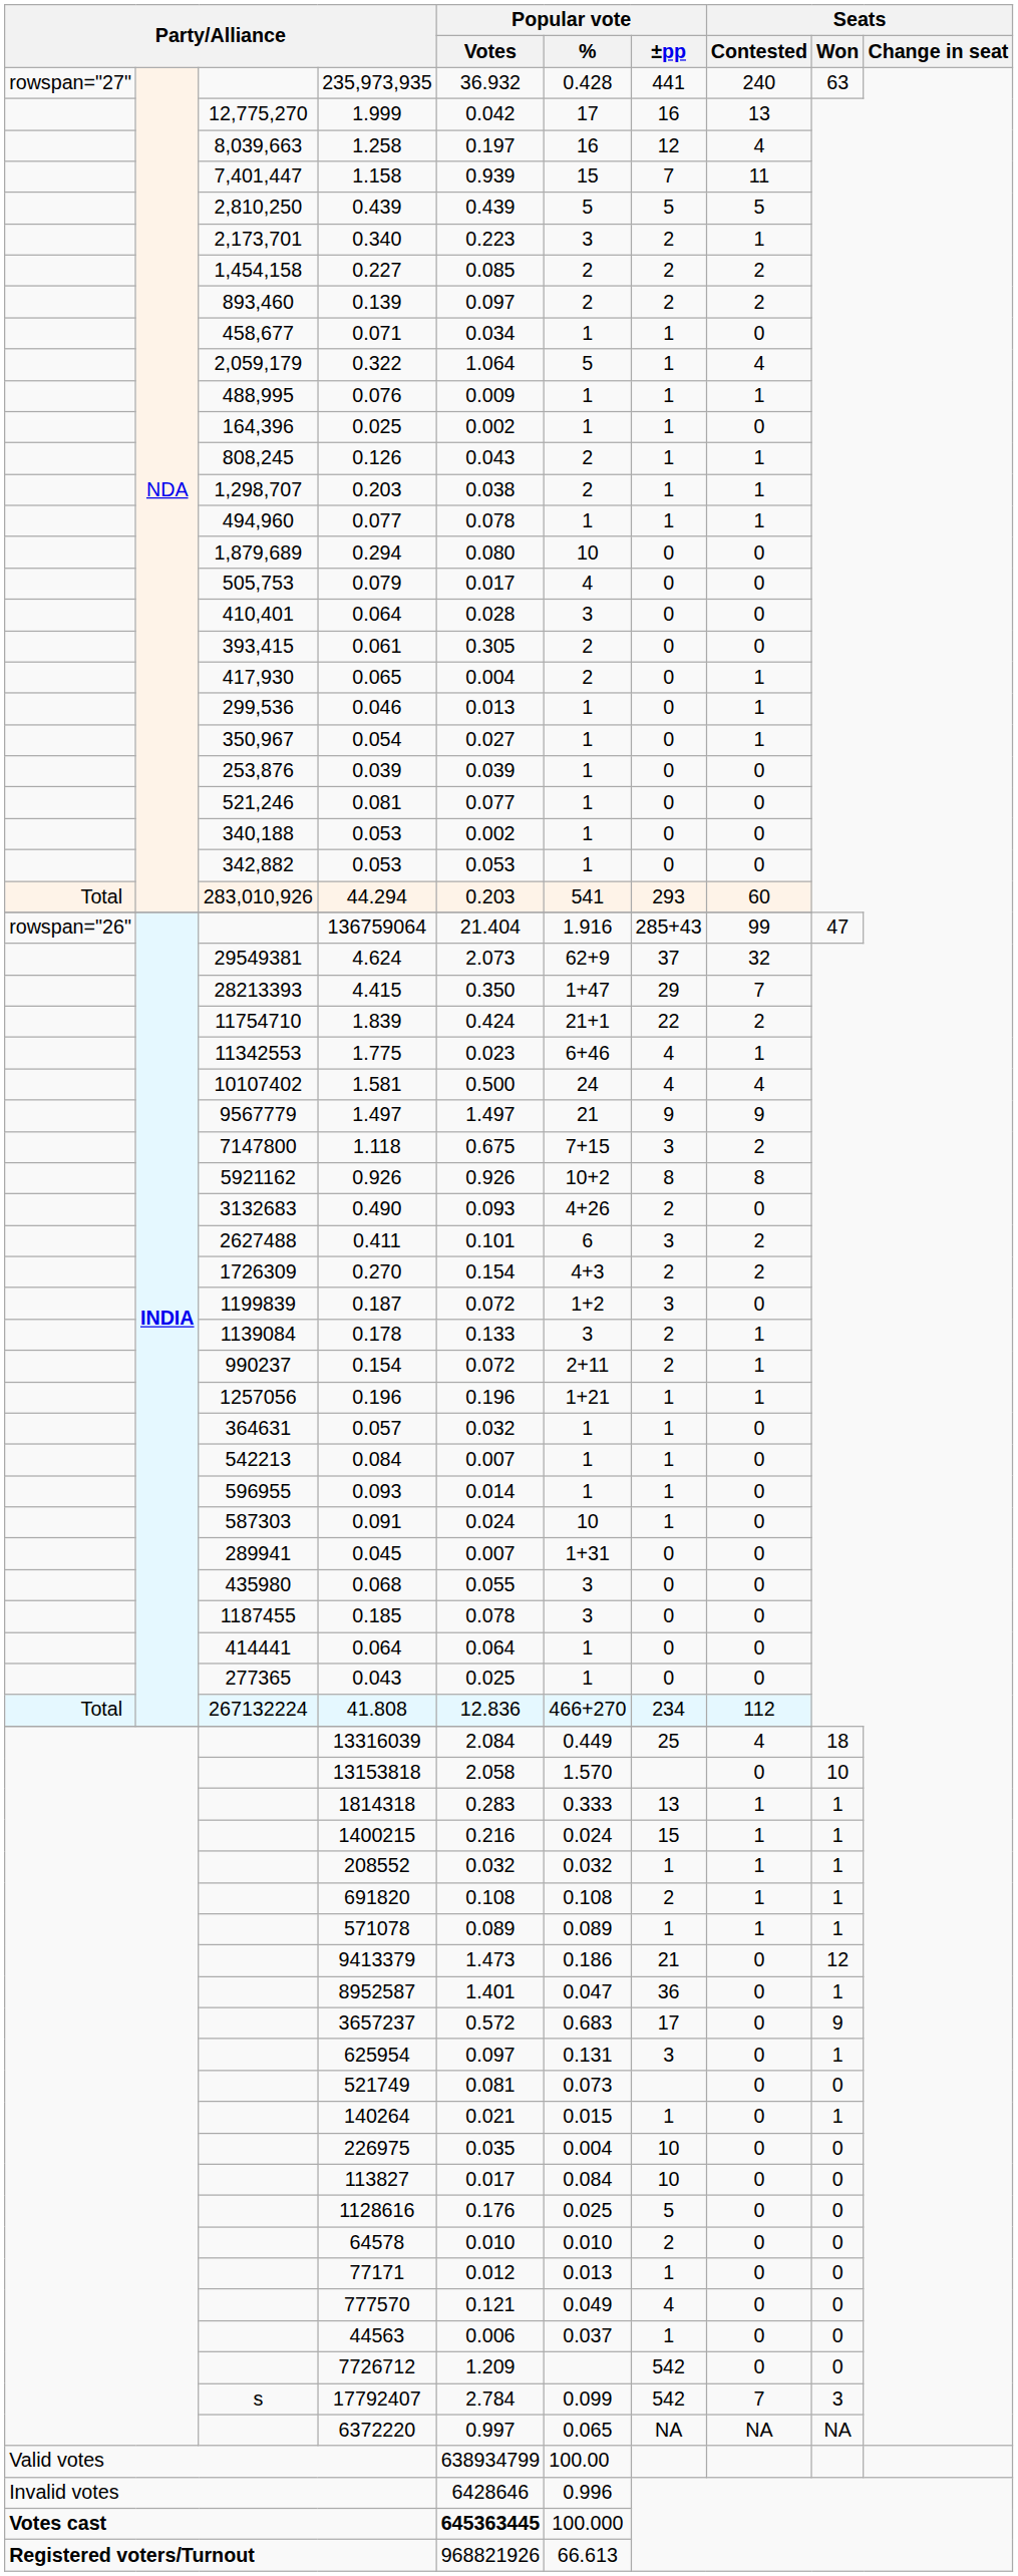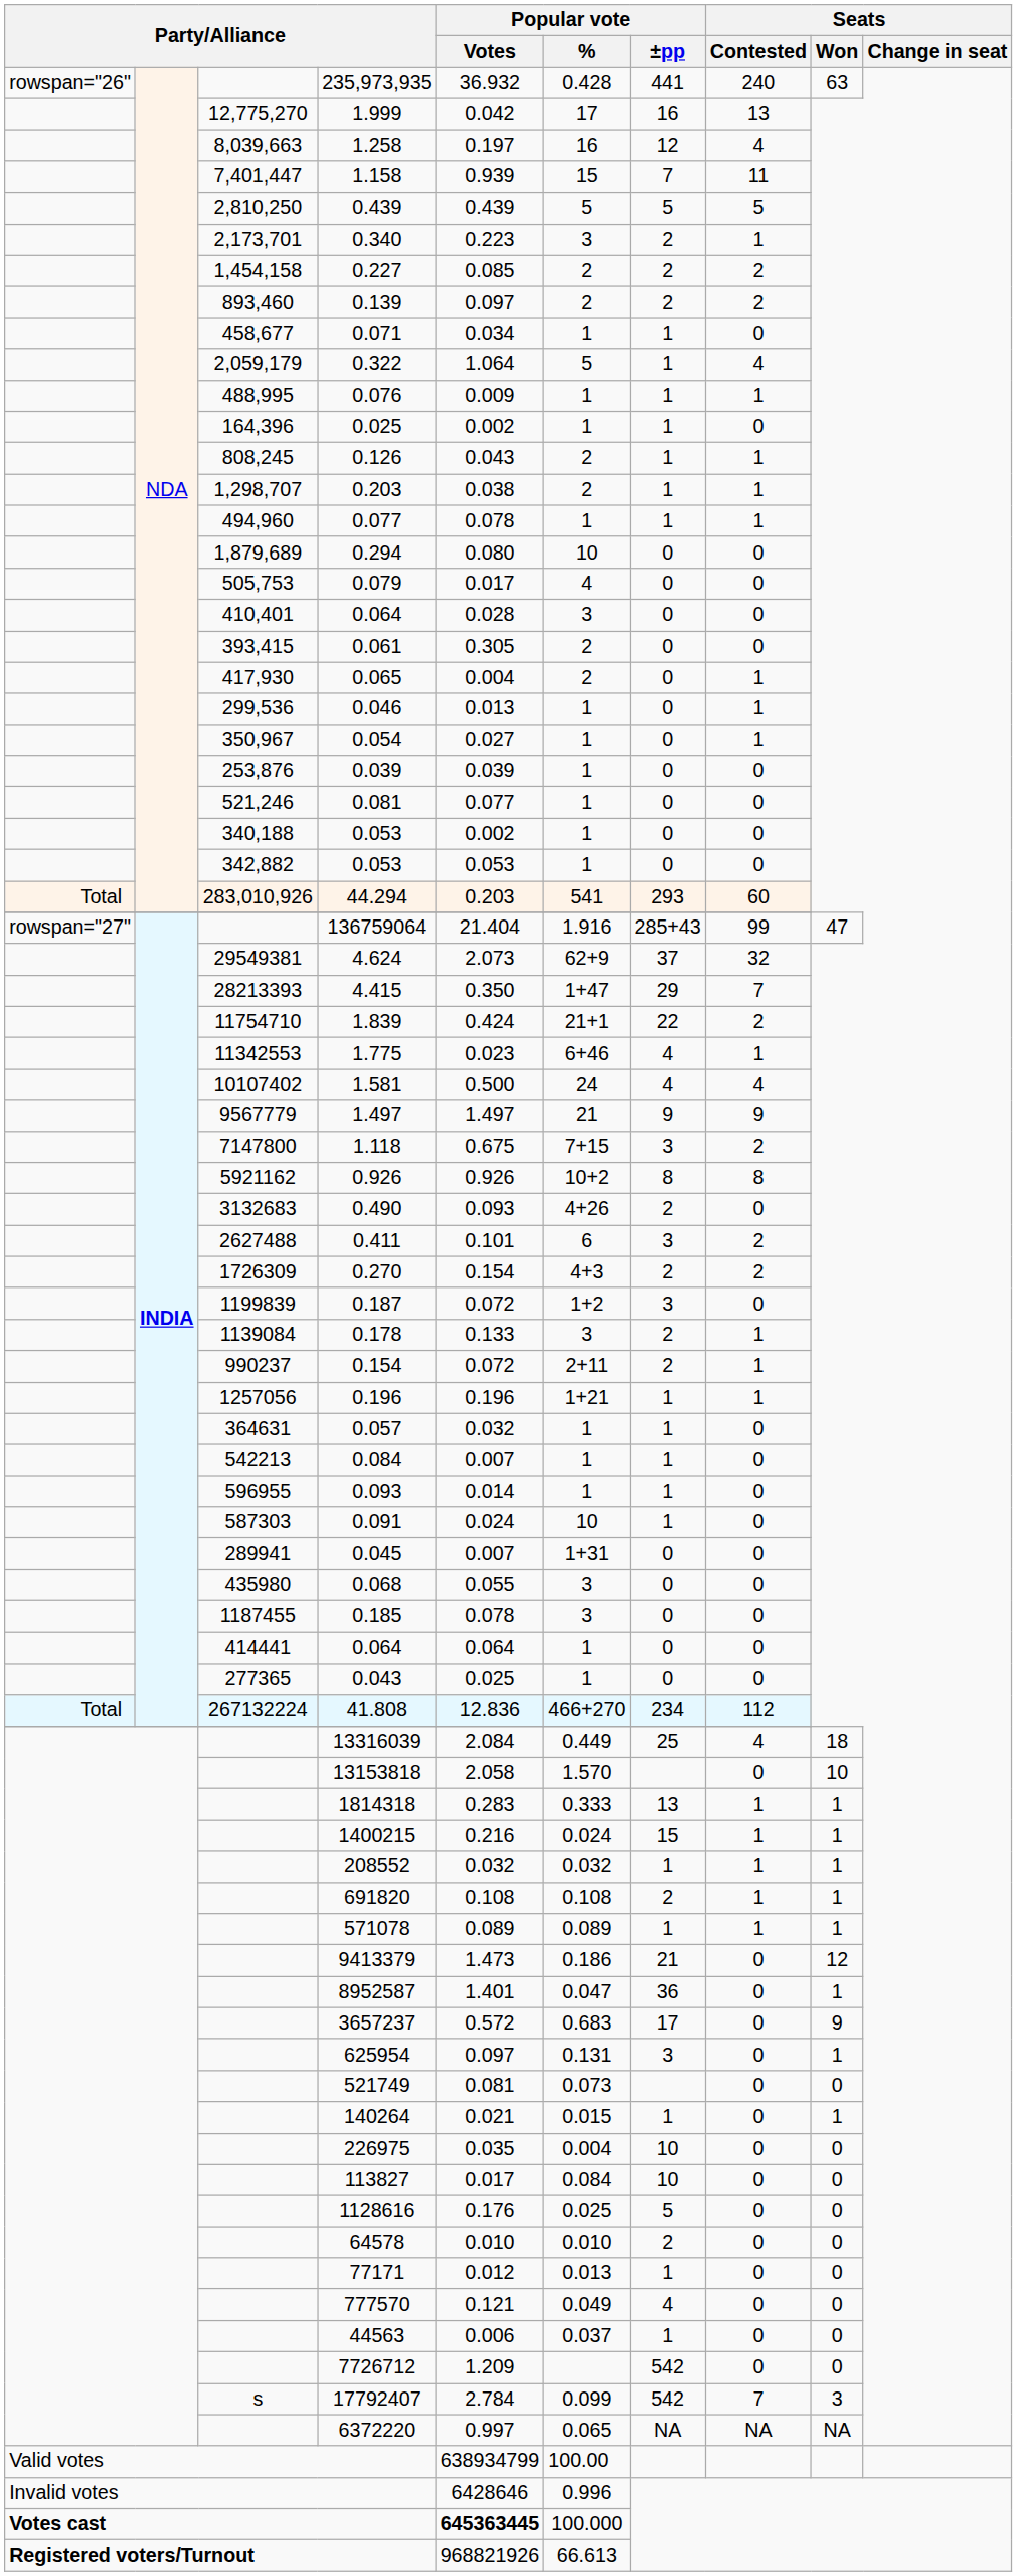 <table class="wikitable sortable" style="text-align:center;">
 <tr>
 <th colspan="4" rowspan="2">Party/Alliance</th>
 <th colspan="3">Popular vote</th>
 <th colspan="3">Seats</th>
 </tr>
 <tr>
 <th>Votes</th>
 <th>%</th>
 <th>±<a href='#'>pp</a></th>
 <th>Contested</th>
 <th>Won</th>
 <th>Change in seat</th>
 </tr>
 <tr>
-<td>rowspan="27" </td>
+<td>rowspan="26" </td>
 <td rowspan="27" style="background:#FEF3E8"><a href='#'>NDA</a></td>
 <td></td>
 <td>235,973,935</td>
 <td>36.932</td>
 <td>0.428</td>
 <td>441</td>
 <td>240</td>
 <td>63</td>
 </tr>
 <tr>
 <td></td>
 <td>12,775,270</td>
 <td>1.999</td>
 <td>0.042</td>
 <td>17</td>
 <td>16</td>
 <td>13</td>
 </tr>
 <tr>
 <td></td>
 <td>8,039,663</td>
 <td>1.258</td>
 <td>0.197</td>
 <td>16</td>
 <td>12</td>
 <td>4</td>
 </tr>
 <tr>
 <td></td>
 <td>7,401,447</td>
 <td>1.158</td>
 <td>0.939</td>
 <td>15</td>
 <td>7</td>
 <td>11</td>
 </tr>
 <tr>
 <td></td>
 <td>2,810,250</td>
 <td>0.439</td>
 <td>0.439</td>
 <td>5</td>
 <td>5</td>
 <td>5</td>
 </tr>
 <tr>
 <td></td>
 <td>2,173,701</td>
 <td>0.340</td>
 <td>0.223</td>
 <td>3</td>
 <td>2</td>
 <td>1</td>
 </tr>
 <tr>
 <td></td>
 <td>1,454,158</td>
 <td>0.227</td>
 <td>0.085</td>
 <td>2</td>
 <td>2</td>
 <td>2</td>
 </tr>
 <tr>
 <td></td>
 <td>893,460</td>
 <td>0.139</td>
 <td>0.097</td>
 <td>2</td>
 <td>2</td>
 <td>2</td>
 </tr>
 <tr>
 <td></td>
 <td>458,677</td>
 <td>0.071</td>
 <td>0.034</td>
 <td>1</td>
 <td>1</td>
 <td>0</td>
 </tr>
 <tr>
 <td></td>
 <td>2,059,179</td>
 <td>0.322</td>
 <td>1.064</td>
 <td>5</td>
 <td>1</td>
 <td>4</td>
 </tr>
 <tr>
 <td></td>
 <td>488,995</td>
 <td>0.076</td>
 <td>0.009</td>
 <td>1</td>
 <td>1</td>
 <td>1</td>
 </tr>
 <tr>
 <td></td>
 <td>164,396</td>
 <td>0.025</td>
 <td>0.002</td>
 <td>1</td>
 <td>1</td>
 <td>0</td>
 </tr>
 <tr>
 <td></td>
 <td>808,245</td>
 <td>0.126</td>
 <td>0.043</td>
 <td>2</td>
 <td>1</td>
 <td>1</td>
 </tr>
 <tr>
 <td></td>
 <td>1,298,707</td>
 <td>0.203</td>
 <td>0.038</td>
 <td>2</td>
 <td>1</td>
 <td>1</td>
 </tr>
 <tr>
 <td></td>
 <td>494,960</td>
 <td>0.077</td>
 <td>0.078</td>
 <td>1</td>
 <td>1</td>
 <td>1</td>
 </tr>
 <tr>
 <td></td>
 <td>1,879,689</td>
 <td>0.294</td>
 <td>0.080</td>
 <td>10</td>
 <td>0</td>
 <td>0</td>
 </tr>
 <tr>
 <td></td>
 <td>505,753</td>
 <td>0.079</td>
 <td>0.017</td>
 <td>4</td>
 <td>0</td>
 <td>0</td>
 </tr>
 <tr>
 <td></td>
 <td>410,401</td>
 <td>0.064</td>
 <td>0.028</td>
 <td>3</td>
 <td>0</td>
 <td>0</td>
 </tr>
 <tr>
 <td></td>
 <td>393,415</td>
 <td>0.061</td>
 <td>0.305</td>
 <td>2</td>
 <td>0</td>
 <td>0</td>
 </tr>
 <tr>
 <td></td>
 <td>417,930</td>
 <td>0.065</td>
 <td>0.004</td>
 <td>2</td>
 <td>0</td>
 <td>1</td>
 </tr>
 <tr>
 <td></td>
 <td>299,536</td>
 <td>0.046</td>
 <td>0.013</td>
 <td>1</td>
 <td>0</td>
 <td>1</td>
 </tr>
 <tr>
 <td></td>
 <td>350,967</td>
 <td>0.054</td>
 <td>0.027</td>
 <td>1</td>
 <td>0</td>
 <td>1</td>
 </tr>
 <tr>
 <td></td>
 <td>253,876</td>
 <td>0.039</td>
 <td>0.039</td>
 <td>1</td>
 <td>0</td>
 <td>0</td>
 </tr>
 <tr>
 <td></td>
 <td>521,246</td>
 <td>0.081</td>
 <td>0.077</td>
 <td>1</td>
 <td>0</td>
 <td>0</td>
 </tr>
 <tr>
 <td></td>
 <td>340,188</td>
 <td>0.053</td>
 <td>0.002</td>
 <td>1</td>
 <td>0</td>
 <td>0</td>
 </tr>
 <tr>
 <td></td>
 <td>342,882</td>
 <td>0.053</td>
 <td>0.053</td>
 <td>1</td>
 <td>0</td>
 <td>0</td>
 </tr>
 <tr>
 <td colspan="2" style="background:#FEF3E8">Total</td>
 <td style="background:#FEF3E8">283,010,926</td>
 <td style="background:#FEF3E8">44.294</td>
 <td style="background:#FEF3E8">0.203</td>
 <td style="background:#FEF3E8">541</td>
 <td style="background:#FEF3E8">293</td>
 <td style="background:#FEF3E8">60</td>
 </tr>
 <tr>
 </tr>
 <tr>
-<td>rowspan="26" </td>
+<td>rowspan="27" </td>
 <th rowspan="26" style="background:#E5F8FF"><a href='#'>INDIA</a></th>
 <td></td>
 <td>136759064</td>
 <td>21.404</td>
 <td>1.916</td>
 <td>285+43</td>
 <td>99</td>
 <td>47</td>
 </tr>
 <tr>
 <td></td>
 <td>29549381</td>
 <td>4.624</td>
 <td>2.073</td>
 <td>62+9</td>
 <td>37</td>
 <td>32</td>
 </tr>
 <tr>
 <td></td>
 <td>28213393</td>
 <td>4.415</td>
 <td>0.350</td>
 <td>1+47</td>
 <td>29</td>
 <td>7</td>
 </tr>
 <tr>
 <td></td>
 <td>11754710</td>
 <td>1.839</td>
 <td>0.424</td>
 <td>21+1</td>
 <td>22</td>
 <td>2</td>
 </tr>
 <tr>
 <td></td>
 <td>11342553</td>
 <td>1.775</td>
 <td>0.023</td>
 <td>6+46</td>
 <td>4</td>
 <td>1</td>
 </tr>
 <tr>
 <td></td>
 <td>10107402</td>
 <td>1.581</td>
 <td>0.500</td>
 <td>24</td>
 <td>4</td>
 <td>4</td>
 </tr>
 <tr>
 <td></td>
 <td>9567779</td>
 <td>1.497</td>
 <td>1.497</td>
 <td>21</td>
 <td>9</td>
 <td>9</td>
 </tr>
 <tr>
 <td></td>
 <td>7147800</td>
 <td>1.118</td>
 <td>0.675</td>
 <td>7+15</td>
 <td>3</td>
 <td>2</td>
 </tr>
 <tr>
 <td></td>
 <td>5921162</td>
 <td>0.926</td>
 <td>0.926</td>
 <td>10+2</td>
 <td>8</td>
 <td>8</td>
 </tr>
 <tr>
 <td></td>
 <td>3132683</td>
 <td>0.490</td>
 <td>0.093</td>
 <td>4+26</td>
 <td>2</td>
 <td>0</td>
 </tr>
 <tr>
 <td></td>
 <td>2627488</td>
 <td>0.411</td>
 <td>0.101</td>
 <td>6</td>
 <td>3</td>
 <td>2</td>
 </tr>
 <tr>
 <td></td>
 <td>1726309</td>
 <td>0.270</td>
 <td>0.154</td>
 <td>4+3</td>
 <td>2</td>
 <td>2</td>
 </tr>
 <tr>
 <td></td>
 <td>1199839</td>
 <td>0.187</td>
 <td>0.072</td>
 <td>1+2</td>
 <td>3</td>
 <td>0</td>
 </tr>
 <tr>
 <td></td>
 <td>1139084</td>
 <td>0.178</td>
 <td>0.133</td>
 <td>3</td>
 <td>2</td>
 <td>1</td>
 </tr>
 <tr>
 <td></td>
 <td>990237</td>
 <td>0.154</td>
 <td>0.072</td>
 <td>2+11</td>
 <td>2</td>
 <td>1</td>
 </tr>
 <tr>
 <td></td>
 <td>1257056</td>
 <td>0.196</td>
 <td>0.196</td>
 <td>1+21</td>
 <td>1</td>
 <td>1</td>
 </tr>
 <tr>
 <td></td>
 <td>364631</td>
 <td>0.057</td>
 <td>0.032</td>
 <td>1</td>
 <td>1</td>
 <td>0</td>
 </tr>
 <tr>
 <td></td>
 <td>542213</td>
 <td>0.084</td>
 <td>0.007</td>
 <td>1</td>
 <td>1</td>
 <td>0</td>
 </tr>
 <tr>
 <td></td>
 <td>596955</td>
 <td>0.093</td>
 <td>0.014</td>
 <td>1</td>
 <td>1</td>
 <td>0</td>
 </tr>
 <tr>
 <td></td>
 <td>587303</td>
 <td>0.091</td>
 <td>0.024</td>
 <td>10</td>
 <td>1</td>
 <td>0</td>
 </tr>
 <tr>
 <td></td>
 <td>289941</td>
 <td>0.045</td>
 <td>0.007</td>
 <td>1+31</td>
 <td>0</td>
 <td>0</td>
 </tr>
 <tr>
 <td></td>
 <td>435980</td>
 <td>0.068</td>
 <td>0.055</td>
 <td>3</td>
 <td>0</td>
 <td>0</td>
 </tr>
 <tr>
 <td></td>
 <td>1187455</td>
 <td>0.185</td>
 <td>0.078</td>
 <td>3</td>
 <td>0</td>
 <td>0</td>
 </tr>
 <tr>
 <td></td>
 <td>414441</td>
 <td>0.064</td>
 <td>0.064</td>
 <td>1</td>
 <td>0</td>
 <td>0</td>
 </tr>
 <tr>
 <td></td>
 <td>277365</td>
 <td>0.043</td>
 <td>0.025</td>
 <td>1</td>
 <td>0</td>
 <td>0</td>
 </tr>
 <tr>
 <td colspan="2" style="background:#E5F8FF">Total</td>
 <td style="background:#E5F8FF">267132224</td>
 <td style="background:#E5F8FF">41.808</td>
 <td style="background:#E5F8FF">12.836</td>
 <td style="background:#E5F8FF">466+270</td>
 <td style="background:#E5F8FF">234</td>
 <td style="background:#E5F8FF">112</td>
 </tr>
 <tr>
 </tr>
 <tr>
 <td rowspan="23" colspan=2></td>
 <td></td>
 <td>13316039</td>
 <td>2.084</td>
 <td>0.449</td>
 <td>25</td>
 <td>4</td>
 <td>18</td>
 </tr>
 <tr>
 <td></td>
 <td>13153818</td>
 <td>2.058</td>
 <td>1.570</td>
 <td></td>
 <td>0</td>
 <td>10</td>
 </tr>
 <tr>
 <td></td>
 <td>1814318</td>
 <td>0.283</td>
 <td>0.333</td>
 <td>13</td>
 <td>1</td>
 <td>1</td>
 </tr>
 <tr>
 <td></td>
 <td>1400215</td>
 <td>0.216</td>
 <td>0.024</td>
 <td>15</td>
 <td>1</td>
 <td>1</td>
 </tr>
 <tr>
 <td></td>
 <td>208552</td>
 <td>0.032</td>
 <td>0.032</td>
 <td>1</td>
 <td>1</td>
 <td>1</td>
 </tr>
 <tr>
 <td></td>
 <td>691820</td>
 <td>0.108</td>
 <td>0.108</td>
 <td>2</td>
 <td>1</td>
 <td>1</td>
 </tr>
 <tr>
 <td></td>
 <td>571078</td>
 <td>0.089</td>
 <td>0.089</td>
 <td>1</td>
 <td>1</td>
 <td>1</td>
 </tr>
 <tr>
 <td></td>
 <td>9413379</td>
 <td>1.473</td>
 <td>0.186</td>
 <td>21</td>
 <td>0</td>
 <td>12</td>
 </tr>
 <tr>
 <td></td>
 <td>8952587</td>
 <td>1.401</td>
 <td>0.047</td>
 <td>36</td>
 <td>0</td>
 <td>1</td>
 </tr>
 <tr>
 <td></td>
 <td>3657237</td>
 <td>0.572</td>
 <td>0.683</td>
 <td>17</td>
 <td>0</td>
 <td>9</td>
 </tr>
 <tr>
 <td></td>
 <td>625954</td>
 <td>0.097</td>
 <td>0.131</td>
 <td>3</td>
 <td>0</td>
 <td>1</td>
 </tr>
 <tr>
 <td></td>
 <td>521749</td>
 <td>0.081</td>
 <td>0.073</td>
 <td></td>
 <td>0</td>
 <td>0</td>
 </tr>
 <tr>
 <td></td>
 <td>140264</td>
 <td>0.021</td>
 <td>0.015</td>
 <td>1</td>
 <td>0</td>
 <td>1</td>
 </tr>
 <tr>
 <td></td>
 <td>226975</td>
 <td>0.035</td>
 <td>0.004</td>
 <td>10</td>
 <td>0</td>
 <td>0</td>
 </tr>
 <tr>
 <td></td>
 <td>113827</td>
 <td>0.017</td>
 <td>0.084</td>
 <td>10</td>
 <td>0</td>
 <td>0</td>
 </tr>
 <tr>
 <td></td>
 <td>1128616</td>
 <td>0.176</td>
 <td>0.025</td>
 <td>5</td>
 <td>0</td>
 <td>0</td>
 </tr>
 <tr>
 <td></td>
 <td>64578</td>
 <td>0.010</td>
 <td>0.010</td>
 <td>2</td>
 <td>0</td>
 <td>0</td>
 </tr>
 <tr>
 <td></td>
 <td>77171</td>
 <td>0.012</td>
 <td>0.013</td>
 <td>1</td>
 <td>0</td>
 <td>0</td>
 </tr>
 <tr>
 <td></td>
 <td>777570</td>
 <td>0.121</td>
 <td>0.049</td>
 <td>4</td>
 <td>0</td>
 <td>0</td>
 </tr>
 <tr>
 <td></td>
 <td>44563</td>
 <td>0.006</td>
 <td>0.037</td>
 <td>1</td>
 <td>0</td>
 <td>0</td>
 </tr>
 <tr>
 <td></td>
 <td>7726712</td>
 <td>1.209</td>
 <td></td>
 <td>542</td>
 <td>0</td>
 <td>0</td>
 </tr>
 <tr>
 <td>s</td>
 <td>17792407</td>
 <td>2.784</td>
 <td>0.099</td>
 <td>542</td>
 <td>7</td>
 <td>3</td>
 </tr>
 <tr>
 <td></td>
 <td>6372220</td>
 <td>0.997</td>
 <td>0.065</td>
 <td>NA</td>
 <td>NA</td>
 <td>NA</td>
 </tr>
 <tr class="unsortable" style="text-align:left;"  rowspan="4" colspan="7">
 <td style="text-align:left;" colspan="4">Valid  votes</td>
 <td>638934799</td>
 <td>100.00</td>
 <td></td>
 <td></td>
 <td></td>
 <td></td>
 </tr>
 <tr>
 <td style="text-align:left;" colspan="4">Invalid votes</td>
 <td>6428646</td>
 <td>0.996</td>
 </tr>
 <tr>
 <td style="text-align:left;" colspan="4"><strong>Votes cast</strong></td>
 <td><strong>645363445</strong></td>
 <td>100.000</td>
 </tr>
 <tr>
 <td style="text-align:left;" colspan="4"><strong>Registered voters/Turnout</strong></td>
 <td>968821926</td>
 <td>66.613</td>
 </tr>
 </table>
